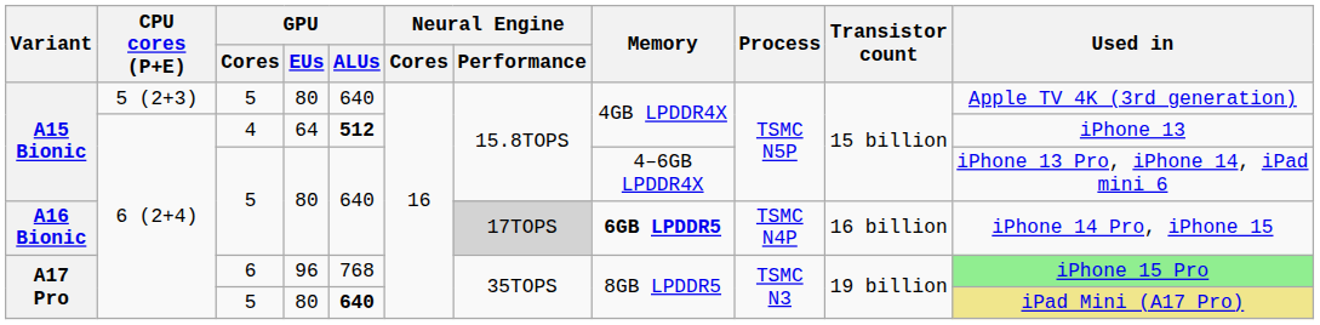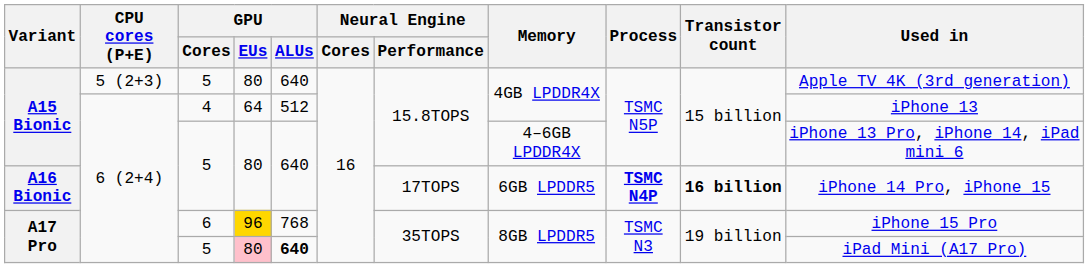 <table class="wikitable" style="text-align:center;">
 <tr>
 <th rowspan="2">Variant</th>
 <th rowspan="2">CPU<br><a href='#'>cores</a> (P+E)</th>
 <th colspan="3">GPU</th>
 <th colspan="2">Neural Engine</th>
 <th rowspan="2">Memory</th>
 <th rowspan="2">Process</th>
 <th rowspan="2">Transistor<br>count</th>
 <th rowspan="2">Used in</th>
 </tr>
 <tr>
 <th>Cores</th>
 <th><a href='#'>EUs</a></th>
 <th><a href='#'>ALUs</a></th>
 <th>Cores</th>
 <th>Performance</th>
 </tr>
 <tr>
 <th rowspan="3"><a href='#'>A15<br>Bionic</a></th>
 <td>5 (2+3)</td>
 <td>5</td>
 <td>80</td>
 <td>640</td>
 <td rowspan="6">16</td>
 <td rowspan="3">15.8TOPS</td>
 <td rowspan="2">4GB <a href='#'>LPDDR4X</a></td>
 <td rowspan="3"><a href='#'>TSMC</a> <br> <a href='#'>N5P</a></td>
 <td rowspan="3">15 billion</td>
 <td><a href='#'>Apple TV 4K (3rd generation)</a></td>
 </tr>
 <tr>
 <td rowspan="5">6 (2+4)</td>
 <td>4</td>
 <td>64</td>
-<td><strong>512</strong></td>
+<td>512</td>
 <td><a href='#'>iPhone 13</a></td>
 </tr>
 <tr>
 <td rowspan="2">5</td>
 <td rowspan="2">80</td>
 <td rowspan="2">640</td>
 <td>4–6GB <a href='#'>LPDDR4X</a></td>
 <td><a href='#'>iPhone 13 Pro</a>, <a href='#'>iPhone 14</a>, <a href='#'>iPad mini 6</a></td>
 </tr>
 <tr>
 <th><a href='#'>A16<br>Bionic</a></th>
-<td style="background: lightgrey;">17TOPS</td>
-<td><strong>6GB <a href='#'>LPDDR5</a></strong></td>
-<td><a href='#'>TSMC</a> <br> <a href='#'>N4P</a></td>
-<td>16 billion</td>
+<td>17TOPS</td>
+<td>6GB <a href='#'>LPDDR5</a></td>
+<td><strong><a href='#'>TSMC</a> <br> <a href='#'>N4P</a></strong></td>
+<td><strong>16 billion</strong></td>
 <td><a href='#'>iPhone 14 Pro</a>, <a href='#'>iPhone 15</a></td>
 </tr>
 <tr>
 <th rowspan="2">A17<br>Pro</th>
 <td>6</td>
-<td>96</td>
+<td style="background: gold;">96</td>
 <td>768</td>
 <td rowspan="2">35TOPS</td>
 <td rowspan="2">8GB <a href='#'>LPDDR5</a></td>
 <td rowspan="2"><a href='#'>TSMC</a> <br> <a href='#'>N3</a></td>
 <td rowspan="2">19 billion</td>
-<td style="background: lightgreen;"><a href='#'>iPhone 15 Pro</a></td>
+<td><a href='#'>iPhone 15 Pro</a></td>
 </tr>
 <tr>
 <td>5</td>
-<td>80</td>
+<td style="background: pink;">80</td>
 <td><strong>640</strong></td>
-<td style="background: khaki;"><a href='#'>iPad Mini (A17 Pro)</a></td>
+<td><a href='#'>iPad Mini (A17 Pro)</a></td>
 </tr>
 </table>
